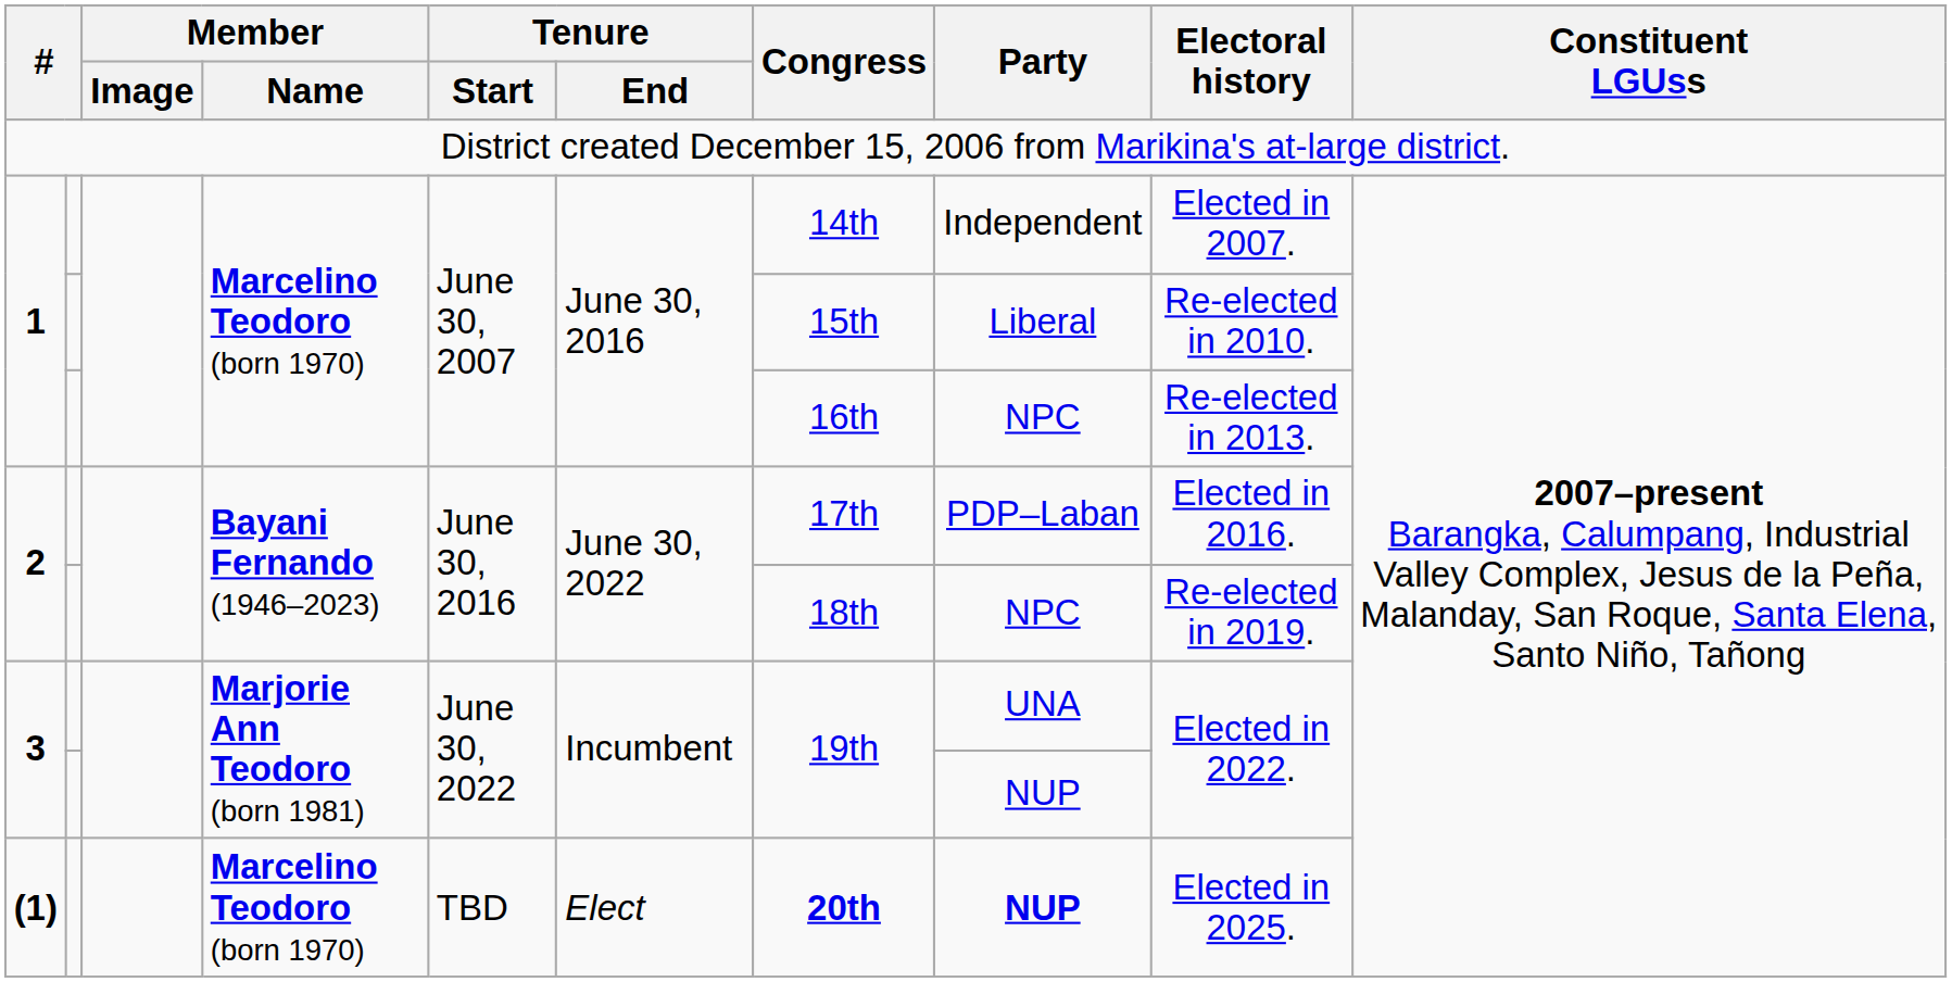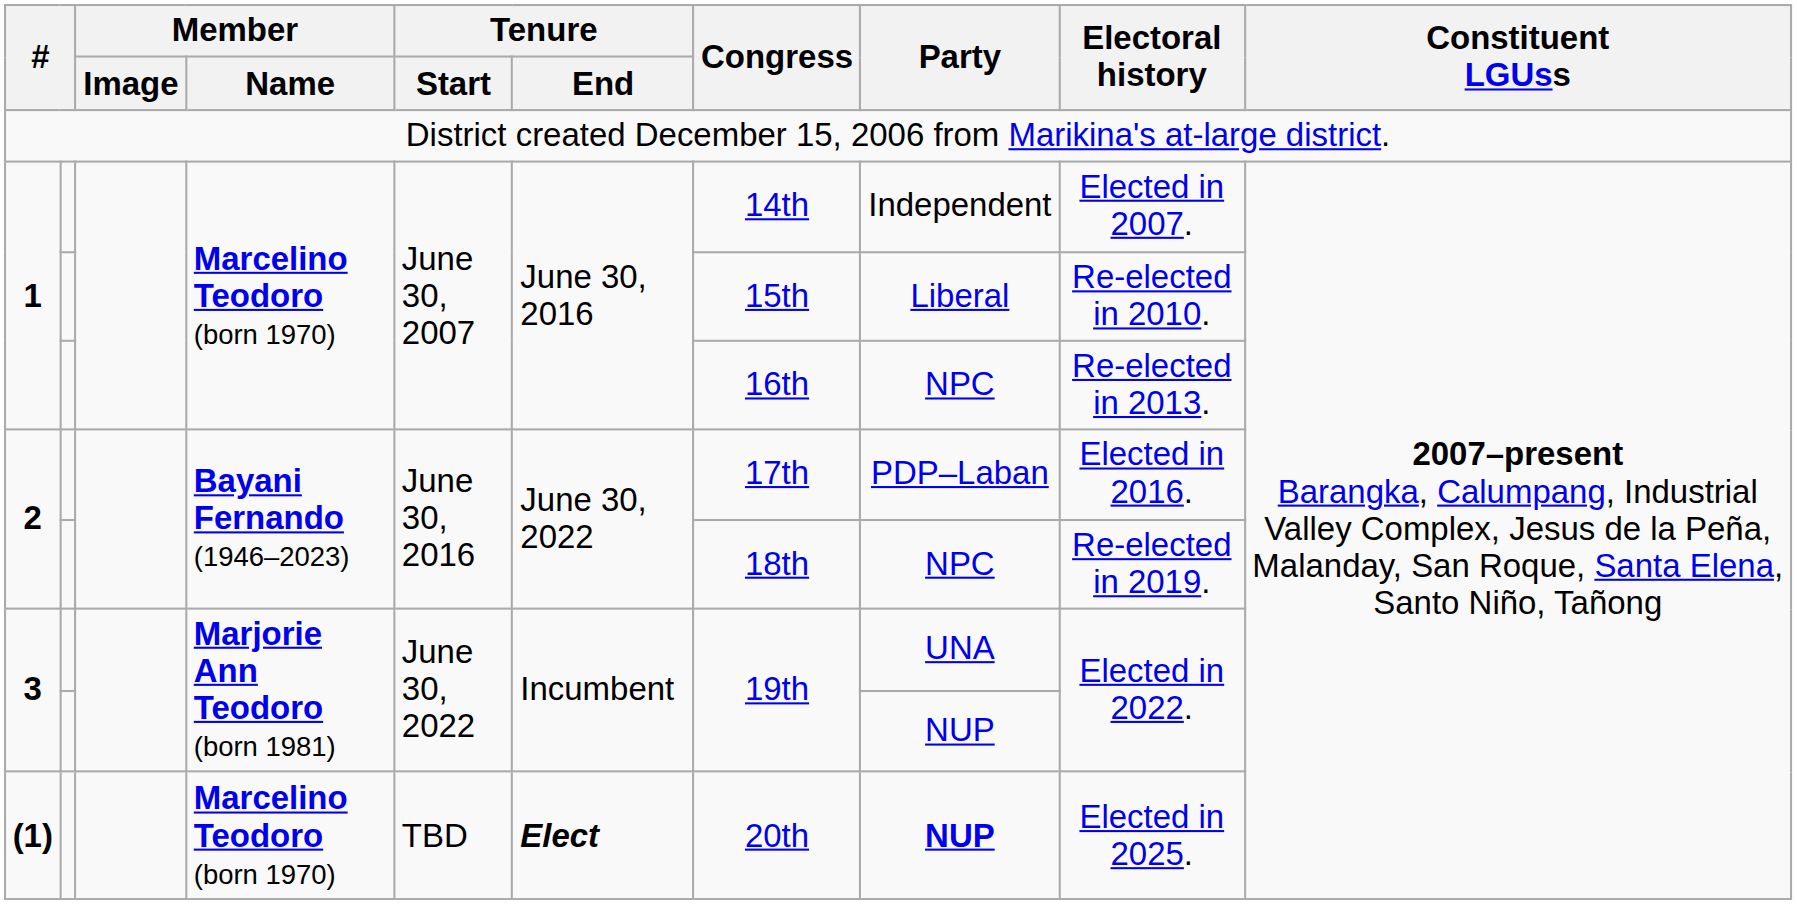 <table class=wikitable>
 <tr>
 <th rowspan="2" colspan="2">#</th>
 <th colspan="2">Member</th>
 <th colspan="2">Tenure</th>
 <th rowspan="2">Congress</th>
 <th rowspan=2>Party</th>
 <th rowspan="2">Electoral history</th>
 <th rowspan="2">Constituent<br><a href='#'>LGUs</a>s</th>
 </tr>
 <tr>
 <th>Image</th>
 <th>Name</th>
 <th>Start</th>
 <th>End</th>
 </tr>
 <tr>
 <td colspan="10" style="text-align:center;">District created December 15, 2006 from <a href='#'>Marikina's at-large district</a>.</td>
 </tr>
 <tr>
 <td rowspan="3" style="text-align:center;"><strong>1</strong></td>
 <td style="color:inherit;background:"></td>
 <td rowspan="3"></td>
 <td rowspan="3"><strong><a href='#'>Marcelino Teodoro</a></strong><br><small>(born 1970)</small></td>
 <td rowspan="3">June 30, 2007</td>
 <td rowspan="3">June 30, 2016</td>
 <td style="text-align:center;"><a href='#'>14th</a></td>
 <td style="text-align:center;">Independent</td>
 <td style="text-align:center;"><a href='#'>Elected in 2007</a>.</td>
 <td rowspan="8" style="text-align:center;"><strong>2007–present</strong><br><a href='#'>Barangka</a>, <a href='#'>Calumpang</a>, Industrial Valley Complex, Jesus de la Peña, Malanday, San Roque, <a href='#'>Santa Elena</a>, Santo Niño, Tañong</td>
 </tr>
 <tr>
 <td style="color:inherit;background:"></td>
 <td style="text-align:center;"><a href='#'>15th</a></td>
 <td style="text-align:center;"><a href='#'>Liberal</a></td>
 <td style="text-align:center;"><a href='#'>Re-elected in 2010</a>.</td>
 </tr>
 <tr>
 <td style="color:inherit;background:"></td>
 <td style="text-align:center;"><a href='#'>16th</a></td>
 <td style="text-align:center;"><a href='#'>NPC</a></td>
 <td style="text-align:center;"><a href='#'>Re-elected in 2013</a>.</td>
 </tr>
 <tr>
 <td rowspan="2" style="text-align:center;"><strong>2</strong></td>
 <td style="color:inherit;background:"></td>
 <td rowspan="2"></td>
 <td rowspan="2"><strong><a href='#'>Bayani Fernando</a></strong><br><small>(1946–2023)</small></td>
 <td rowspan="2">June 30, 2016</td>
 <td rowspan="2">June 30, 2022</td>
 <td style="text-align:center;"><a href='#'>17th</a></td>
 <td style="text-align:center;"><a href='#'>PDP–Laban</a></td>
 <td style="text-align:center;"><a href='#'>Elected in 2016</a>.</td>
 </tr>
 <tr>
 <td style="color:inherit;background:"></td>
 <td style="text-align:center;"><a href='#'>18th</a></td>
 <td style="text-align:center;"><a href='#'>NPC</a></td>
 <td style="text-align:center;"><a href='#'>Re-elected in 2019</a>.</td>
 </tr>
 <tr>
 <td style="text-align:center;" rowspan="2"><strong>3</strong></td>
 <td style="color:inherit;background:"></td>
 <td rowspan="2"></td>
 <td rowspan="2"><strong><a href='#'>Marjorie Ann Teodoro</a></strong><br><small>(born 1981)</small></td>
 <td rowspan="2">June 30, 2022</td>
 <td rowspan="2">Incumbent</td>
 <td style="text-align:center;" rowspan="2"><a href='#'>19th</a></td>
 <td style="text-align:center;"><a href='#'>UNA</a></td>
 <td style="text-align:center;" rowspan="2"><a href='#'>Elected in 2022</a>.</td>
 </tr>
 <tr>
 <td style="color:inherit;background:"></td>
 <td style="text-align:center;"><a href='#'>NUP</a></td>
 </tr>
 <tr>
 <td style="text-align: center;"><strong>(1)</strong></td>
 <td style="color:inherit;background:"></td>
 <td></td>
 <td><strong><a href='#'>Marcelino Teodoro</a></strong><br><small>(born 1970)</small></td>
 <td>TBD</td>
-<td><em>Elect</em></td>
-<td style="text-align: center;"><strong><a href='#'>20th</a></strong></td>
+<td><strong><em>Elect</em></strong></td>
+<td style="text-align: center;"><a href='#'>20th</a></td>
 <td style="text-align:center;"><strong><a href='#'>NUP</a></strong></td>
 <td style="text-align:center;"><a href='#'>Elected in 2025</a>.</td>
 </tr>
 </table>
